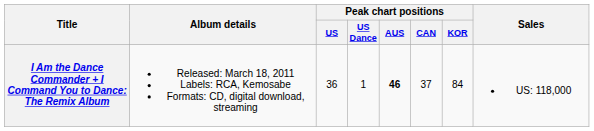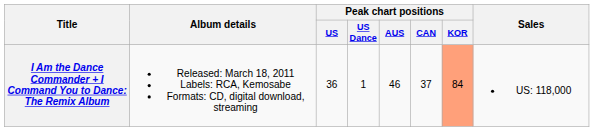 <table class="wikitable plainrowheaders" style="text-align:center;">
 <tr>
 <th scope="col" rowspan="2" style="width:12em;">Title</th>
 <th scope="col" rowspan="2" style="width:18em;">Album details</th>
 <th scope="col" colspan="5">Peak chart positions</th>
 <th scope="col" rowspan="2" style="width:11em;">Sales</th>
 </tr>
 <tr>
 <th scope="col" style="width:3em;font-size:90%;"><a href='#'>US</a><br></th>
 <th scope="col" style="width:3em;font-size:90%;"><a href='#'>US<br>Dance</a><br></th>
 <th scope="col" style="width:3em;font-size:90%;"><a href='#'>AUS</a><br></th>
 <th scope="col" style="width:3em;font-size:90%;"><a href='#'>CAN</a><br></th>
 <th scope="col" style="width:3em;font-size:90%;"><a href='#'>KOR</a><br></th>
 </tr>
 <tr>
 <th scope="row"><em><a href='#'>I Am the Dance Commander + I Command You to Dance: The Remix Album</a></em></th>
 <td><br><ul><li>Released: March 18, 2011</li><li>Labels: RCA, Kemosabe</li><li>Formats: CD, digital download, streaming</li></ul></td>
 <td>36</td>
 <td>1</td>
-<td><strong>46</strong></td>
+<td>46</td>
 <td>37</td>
-<td>84</td>
+<td style="background: lightsalmon;">84</td>
 <td><br><ul><li>US: 118,000</li></ul></td>
 </tr>
 </table>
